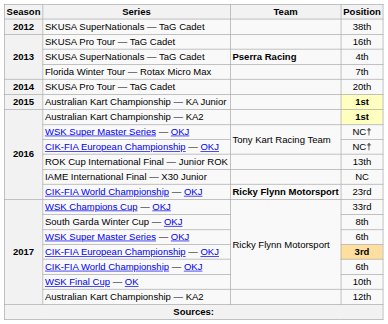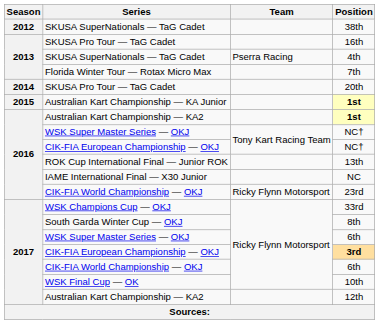 <table class="wikitable" style="font-size: 85%; text-align:center">
 <tr>
 <th>Season</th>
 <th>Series</th>
 <th>Team</th>
 <th>Position</th>
 </tr>
 <tr>
 <th>2012</th>
 <td align="left">SKUSA SuperNationals — TaG Cadet</td>
 <td align="left"></td>
 <td>38th</td>
 </tr>
 <tr>
 <th rowspan="3">2013</th>
 <td align="left">SKUSA Pro Tour — TaG Cadet</td>
 <td align="left"></td>
 <td>16th</td>
 </tr>
 <tr>
 <td align="left">SKUSA SuperNationals — TaG Cadet</td>
-<td align="left"><strong>Pserra Racing</strong></td>
+<td align="left">Pserra Racing</td>
 <td>4th</td>
 </tr>
 <tr>
 <td align="left">Florida Winter Tour — Rotax Micro Max</td>
 <td align="left"></td>
 <td>7th</td>
 </tr>
 <tr>
 <th>2014</th>
 <td align="left">SKUSA Pro Tour — TaG Cadet</td>
 <td align="left"></td>
 <td>20th</td>
 </tr>
 <tr>
 <th>2015</th>
 <td align="left">Australian Kart Championship — KA Junior</td>
 <td align="left"></td>
 <td style="background:#FFFFBF;"><strong>1st</strong></td>
 </tr>
 <tr>
 <th rowspan="6">2016</th>
 <td align="left">Australian Kart Championship — KA2</td>
 <td align="left"></td>
 <td style="background:#FFFFBF;"><strong>1st</strong></td>
 </tr>
 <tr>
 <td align="left"><a href='#'>WSK Super Master Series</a> — <a href='#'>OKJ</a></td>
 <td rowspan="2" align="left">Tony Kart Racing Team</td>
 <td>NC†</td>
 </tr>
 <tr>
 <td align="left"><a href='#'>CIK-FIA European Championship</a> — <a href='#'>OKJ</a></td>
 <td>NC†</td>
 </tr>
 <tr>
 <td align="left">ROK Cup International Final — Junior ROK</td>
 <td align="left"></td>
 <td>13th</td>
 </tr>
 <tr>
 <td align="left">IAME International Final — X30 Junior</td>
 <td align="left"></td>
 <td>NC</td>
 </tr>
 <tr>
 <td align="left"><a href='#'>CIK-FIA World Championship</a> — <a href='#'>OKJ</a></td>
-<td align="left"><strong>Ricky Flynn Motorsport</strong></td>
+<td align="left">Ricky Flynn Motorsport</td>
 <td>23rd</td>
 </tr>
 <tr>
 <th rowspan="7">2017</th>
 <td align="left"><a href='#'>WSK Champions Cup</a> — <a href='#'>OKJ</a></td>
 <td rowspan="6" align="left">Ricky Flynn Motorsport</td>
 <td>33rd</td>
 </tr>
 <tr>
 <td align="left">South Garda Winter Cup — <a href='#'>OKJ</a></td>
 <td>8th</td>
 </tr>
 <tr>
 <td align="left"><a href='#'>WSK Super Master Series</a> — <a href='#'>OKJ</a></td>
 <td>6th</td>
 </tr>
 <tr>
 <td align="left"><a href='#'>CIK-FIA European Championship</a> — <a href='#'>OKJ</a></td>
 <td style="background:#FFDF9F;"><strong>3rd</strong></td>
 </tr>
 <tr>
 <td align="left"><a href='#'>CIK-FIA World Championship</a> — <a href='#'>OKJ</a></td>
 <td>6th</td>
 </tr>
 <tr>
 <td align="left"><a href='#'>WSK Final Cup</a> — <a href='#'>OK</a></td>
 <td>10th</td>
 </tr>
 <tr>
 <td align="left">Australian Kart Championship — KA2</td>
 <td align="left"></td>
 <td>12th</td>
 </tr>
 <tr>
 <th colspan="4">Sources:</th>
 </tr>
 </table>
